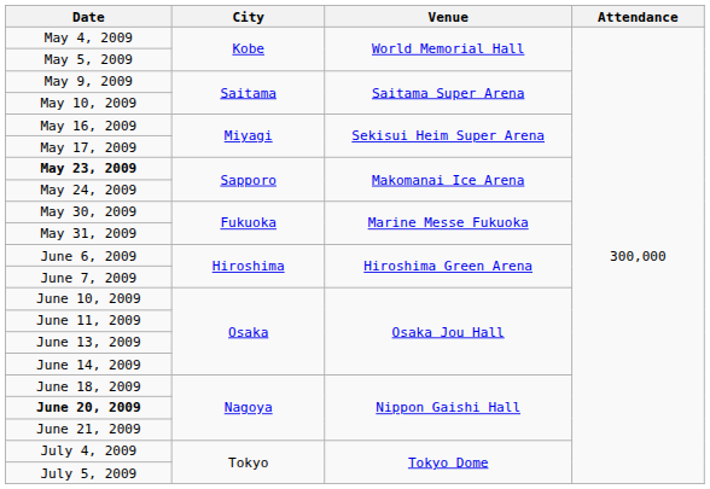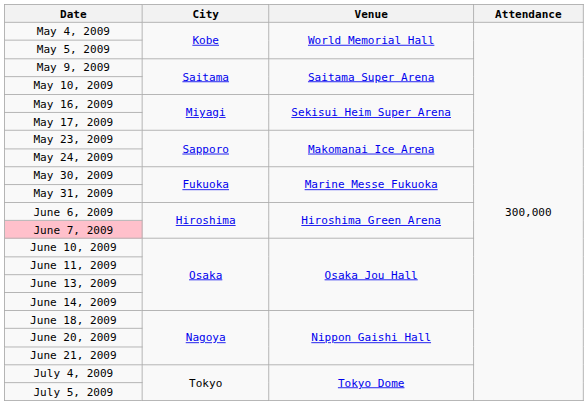 <table class="wikitable" style="text-align:center;">
 <tr>
 <th scope="col" style="width:12em;">Date</th>
 <th scope="col" style="width:11em;">City</th>
 <th scope="col" style="width:18em;">Venue</th>
 <th scope="col" style="width:9.5em;">Attendance</th>
 </tr>
 <tr>
 <td>May 4, 2009</td>
 <td rowspan="2" align="center"><a href='#'>Kobe</a></td>
 <td rowspan="2"><a href='#'>World Memorial Hall</a></td>
 <td rowspan="21">300,000</td>
 </tr>
 <tr>
 <td>May 5, 2009</td>
 </tr>
 <tr>
 <td>May 9, 2009</td>
 <td rowspan="2" align="center"><a href='#'>Saitama</a></td>
 <td rowspan="2"><a href='#'>Saitama Super Arena</a></td>
 </tr>
 <tr>
 <td>May 10, 2009</td>
 </tr>
 <tr>
 <td>May 16, 2009</td>
 <td rowspan="2" align="center"><a href='#'>Miyagi</a></td>
 <td rowspan="2"><a href='#'>Sekisui Heim Super Arena</a></td>
 </tr>
 <tr>
 <td>May 17, 2009</td>
 </tr>
 <tr>
-<td><strong>May 23, 2009</strong></td>
+<td>May 23, 2009</td>
 <td rowspan="2" align="center"><a href='#'>Sapporo</a></td>
 <td rowspan="2"><a href='#'>Makomanai Ice Arena</a></td>
 </tr>
 <tr>
 <td>May 24, 2009</td>
 </tr>
 <tr>
 <td>May 30, 2009</td>
 <td rowspan="2" align="center"><a href='#'>Fukuoka</a></td>
 <td rowspan="2"><a href='#'>Marine Messe Fukuoka</a></td>
 </tr>
 <tr>
 <td>May 31, 2009</td>
 </tr>
 <tr>
 <td>June 6, 2009</td>
 <td rowspan="2" align="center"><a href='#'>Hiroshima</a></td>
 <td rowspan="2"><a href='#'>Hiroshima Green Arena</a></td>
 </tr>
 <tr>
-<td>June 7, 2009</td>
+<td style="background: pink;">June 7, 2009</td>
 </tr>
 <tr>
 <td>June 10, 2009</td>
 <td rowspan="4" align="center"><a href='#'>Osaka</a></td>
 <td rowspan="4"><a href='#'>Osaka Jou Hall</a></td>
 </tr>
 <tr>
 <td>June 11, 2009</td>
 </tr>
 <tr>
 <td>June 13, 2009</td>
 </tr>
 <tr>
 <td>June 14, 2009</td>
 </tr>
 <tr>
 <td>June 18, 2009</td>
 <td rowspan="3" align="center"><a href='#'>Nagoya</a></td>
 <td rowspan="3"><a href='#'>Nippon Gaishi Hall</a></td>
 </tr>
 <tr>
-<td><strong>June 20, 2009</strong></td>
+<td>June 20, 2009</td>
 </tr>
 <tr>
 <td>June 21, 2009</td>
 </tr>
 <tr>
 <td>July 4, 2009</td>
 <td rowspan="2" align="center">Tokyo</td>
 <td rowspan="2"><a href='#'>Tokyo Dome</a></td>
 </tr>
 <tr>
 <td>July 5, 2009</td>
 </tr>
 </table>
